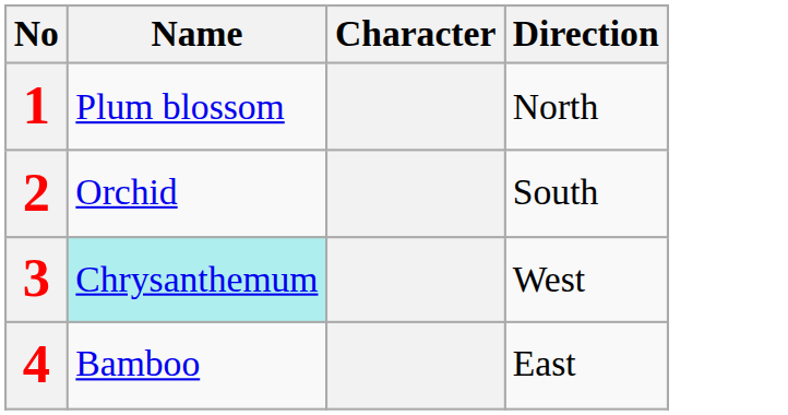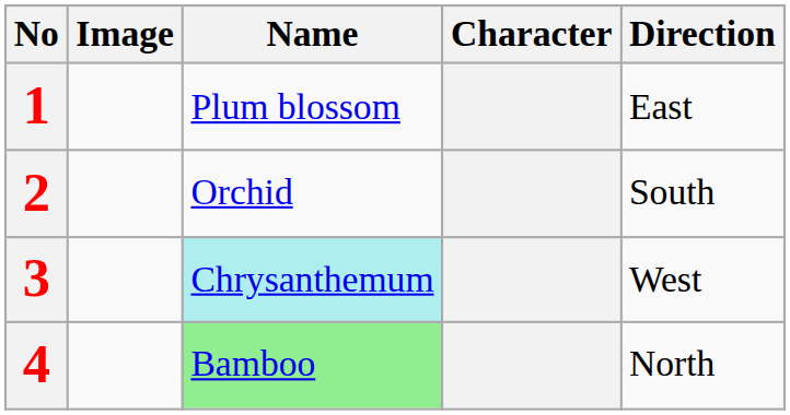 <table class="wikitable" style="display:inline-block;border:none;margin-top:0;margin-bottom:0">
 <tr>
 <th>No</th>
+<th>Image</th>
 <th>Name</th>
 <th>Character</th>
 <th>Direction</th>
 </tr>
 <tr>
 <th style="color:red;font-size:150%;">1</th>
+<td></td>
 <td><a href='#'>Plum blossom</a></td>
 <th style="color:blue;font-size:200%;"></th>
-<td>North</td>
+<td>East</td>
 </tr>
 <tr>
 <th style="color:red;font-size:150%;">2</th>
+<td></td>
 <td><a href='#'>Orchid</a></td>
 <th style="color:blue;font-size:200%;"></th>
 <td>South</td>
 </tr>
 <tr>
 <th style="color:red;font-size:150%;">3</th>
+<td></td>
 <td style="background: paleturquoise;"><a href='#'>Chrysanthemum</a></td>
 <th style="color:blue;font-size:200%;"></th>
 <td>West</td>
 </tr>
 <tr>
 <th style="color:red;font-size:150%;">4</th>
-<td><a href='#'>Bamboo</a></td>
+<td></td>
+<td style="background: lightgreen;"><a href='#'>Bamboo</a></td>
 <th style="color:blue;font-size:200%;"></th>
-<td>East</td>
+<td>North</td>
 </tr>
 </table>
